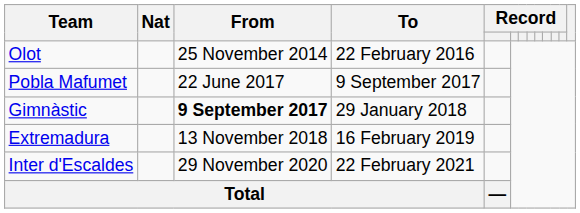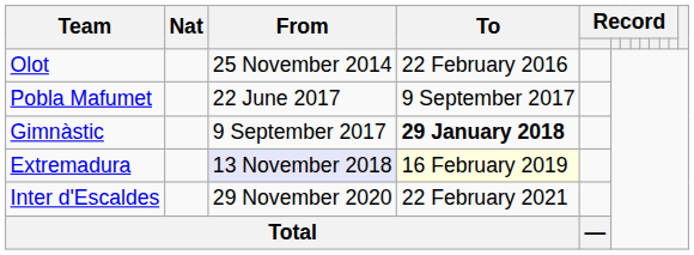 <table class="wikitable" style="text-align: center">
 <tr>
 <th rowspan="2">Team</th>
 <th rowspan="2">Nat</th>
 <th rowspan="2">From</th>
 <th rowspan="2">To</th>
 <th colspan="8">Record</th>
 <th rowspan=2></th>
 </tr>
 <tr>
 <th></th>
 <th></th>
 <th></th>
 <th></th>
 <th></th>
 <th></th>
 <th></th>
 <th></th>
 </tr>
 <tr>
 <td align="left"><a href='#'>Olot</a></td>
 <td></td>
 <td align=left>25 November 2014</td>
 <td align=left>22 February 2016<br></td>
 <td></td>
 </tr>
 <tr>
 <td align="left"><a href='#'>Pobla Mafumet</a></td>
 <td></td>
 <td align=left>22 June 2017</td>
 <td align=left>9 September 2017<br></td>
 <td></td>
 </tr>
 <tr>
 <td align="left"><a href='#'>Gimnàstic</a></td>
 <td></td>
-<td align=left><strong>9 September 2017</strong></td>
-<td align=left>29 January 2018<br></td>
+<td align=left>9 September 2017</td>
+<td align=left><strong>29 January 2018<br></strong></td>
 <td></td>
 </tr>
 <tr>
 <td align="left"><a href='#'>Extremadura</a></td>
 <td></td>
-<td align=left>13 November 2018</td>
-<td align=left>16 February 2019<br></td>
+<td align=left style="background: lavender;">13 November 2018</td>
+<td align=left style="background: lightyellow;">16 February 2019<br></td>
 <td></td>
 </tr>
 <tr>
 <td align="left"><a href='#'>Inter d'Escaldes</a></td>
 <td></td>
 <td align=left>29 November 2020</td>
 <td align=left>22 February 2021<br></td>
 <td></td>
 </tr>
 <tr>
 <th colspan="4">Total<br></th>
 <th>—</th>
 </tr>
 </table>
